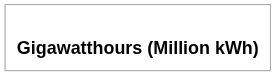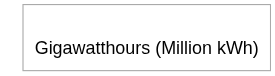 <table style="border:solid 1px #aaa;float:right; clear:right; margin-left:1em" cellpadding="10" cellspacing="0">
 <tr>
 <td></td>
 </tr>
 <tr>
-<td><strong>Gigawatthours (Million kWh)</strong></td>
+<td>Gigawatthours (Million kWh)</td>
 </tr>
 </table>
